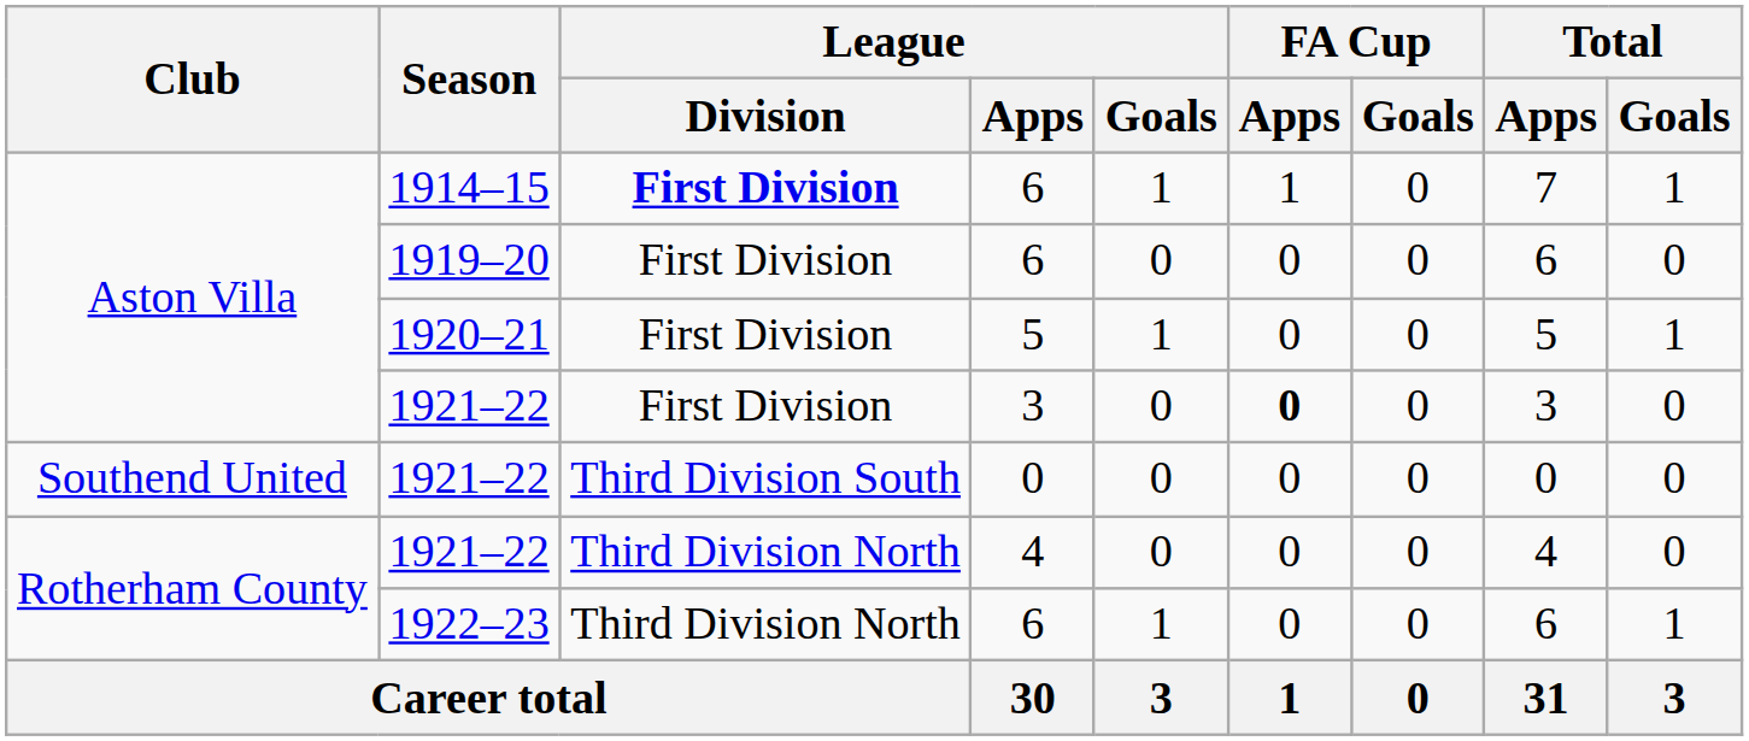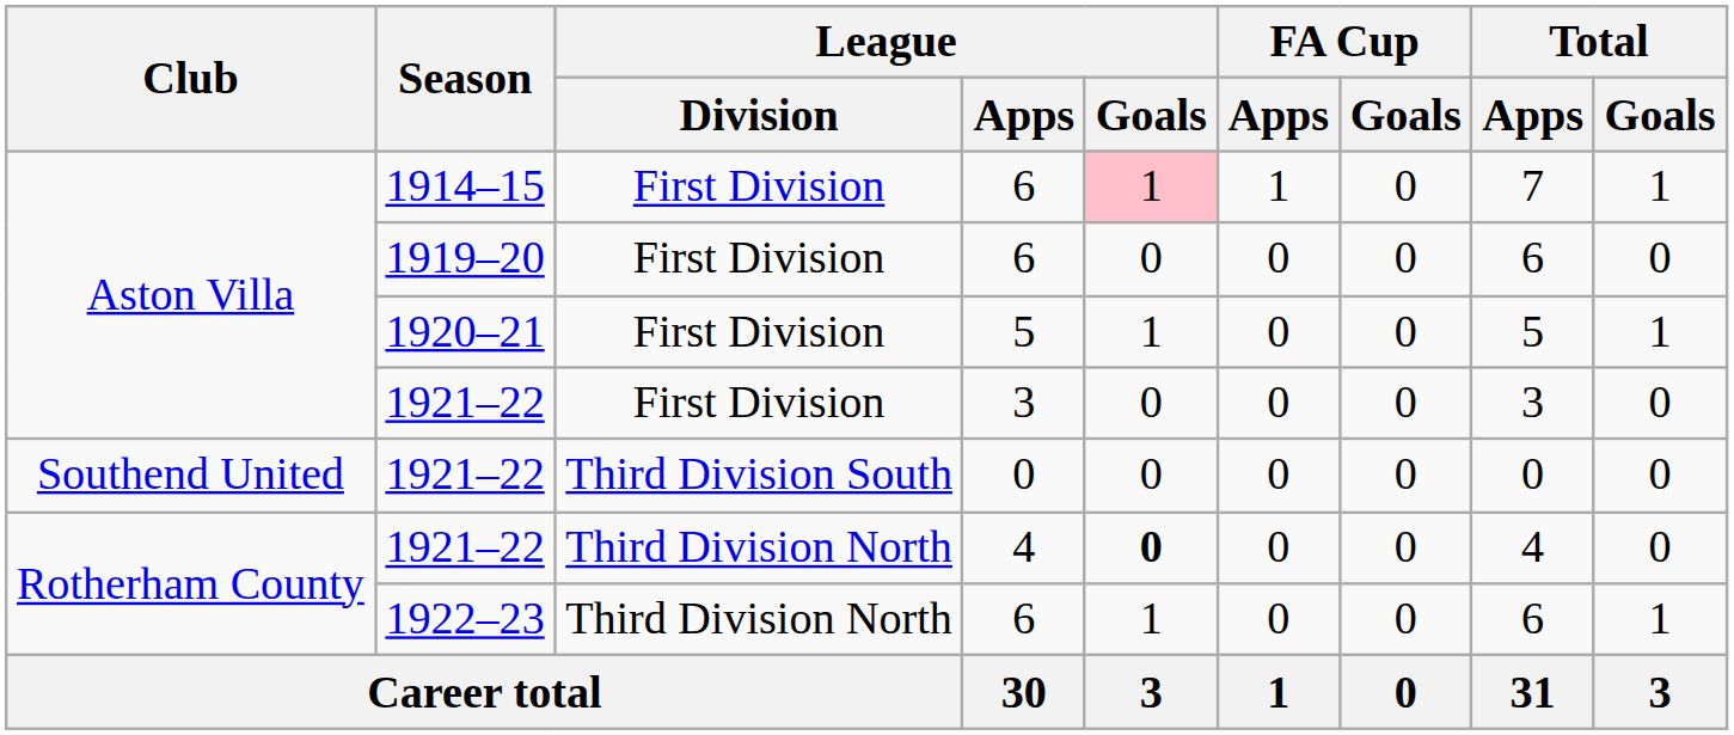 <table class="wikitable" style="text-align: center;">
 <tr>
 <th rowspan=2>Club</th>
 <th rowspan=2>Season</th>
 <th colspan=3>League</th>
 <th colspan=2>FA Cup</th>
 <th colspan=2>Total</th>
 </tr>
 <tr>
 <th>Division</th>
 <th>Apps</th>
 <th>Goals</th>
 <th>Apps</th>
 <th>Goals</th>
 <th>Apps</th>
 <th>Goals</th>
 </tr>
 <tr>
 <td rowspan=4><a href='#'>Aston Villa</a></td>
 <td><a href='#'>1914–15</a></td>
-<td><strong><a href='#'>First Division</a></strong></td>
+<td><a href='#'>First Division</a></td>
 <td>6</td>
-<td>1</td>
+<td style="background: pink;">1</td>
 <td>1</td>
 <td>0</td>
 <td>7</td>
 <td>1</td>
 </tr>
 <tr>
 <td><a href='#'>1919–20</a></td>
 <td>First Division</td>
 <td>6</td>
 <td>0</td>
 <td>0</td>
 <td>0</td>
 <td>6</td>
 <td>0</td>
 </tr>
 <tr>
 <td><a href='#'>1920–21</a></td>
 <td>First Division</td>
 <td>5</td>
 <td>1</td>
 <td>0</td>
 <td>0</td>
 <td>5</td>
 <td>1</td>
 </tr>
 <tr>
 <td><a href='#'>1921–22</a></td>
 <td>First Division</td>
 <td>3</td>
 <td>0</td>
-<td><strong>0</strong></td>
+<td>0</td>
 <td>0</td>
 <td>3</td>
 <td>0</td>
 </tr>
 <tr>
 <td><a href='#'>Southend United</a></td>
 <td><a href='#'>1921–22</a></td>
 <td><a href='#'>Third Division South</a></td>
 <td>0</td>
 <td>0</td>
 <td>0</td>
 <td>0</td>
 <td>0</td>
 <td>0</td>
 </tr>
 <tr>
 <td rowspan=2><a href='#'>Rotherham County</a></td>
 <td><a href='#'>1921–22</a></td>
 <td><a href='#'>Third Division North</a></td>
 <td>4</td>
-<td>0</td>
+<td><strong>0</strong></td>
 <td>0</td>
 <td>0</td>
 <td>4</td>
 <td>0</td>
 </tr>
 <tr>
 <td><a href='#'>1922–23</a></td>
 <td>Third Division North</td>
 <td>6</td>
 <td>1</td>
 <td>0</td>
 <td>0</td>
 <td>6</td>
 <td>1</td>
 </tr>
 <tr>
 <th colspan=3>Career total</th>
 <th>30</th>
 <th>3</th>
 <th>1</th>
 <th>0</th>
 <th>31</th>
 <th>3</th>
 </tr>
 </table>
